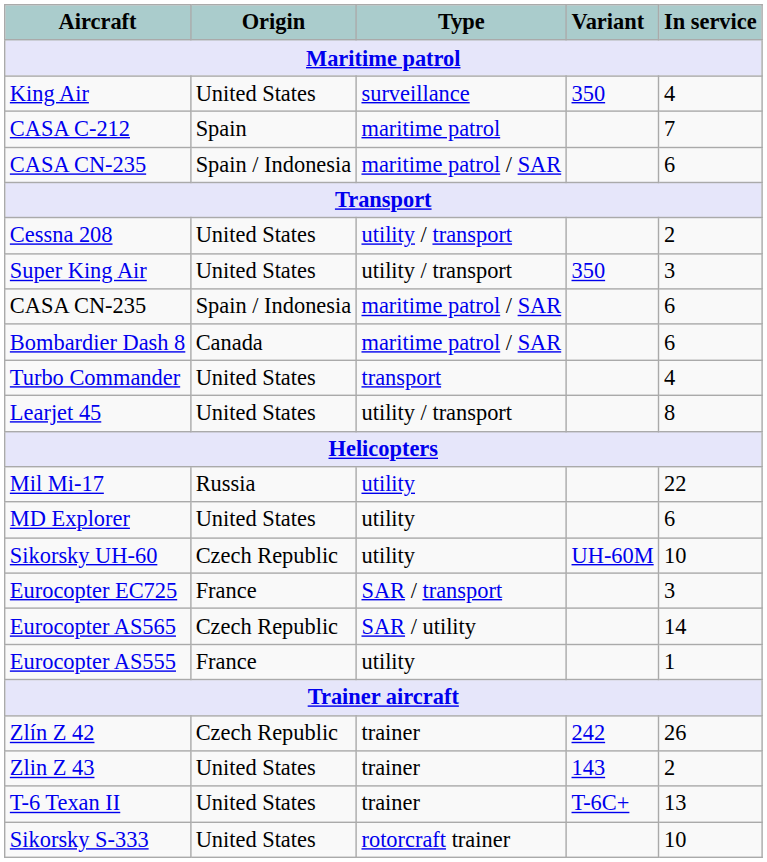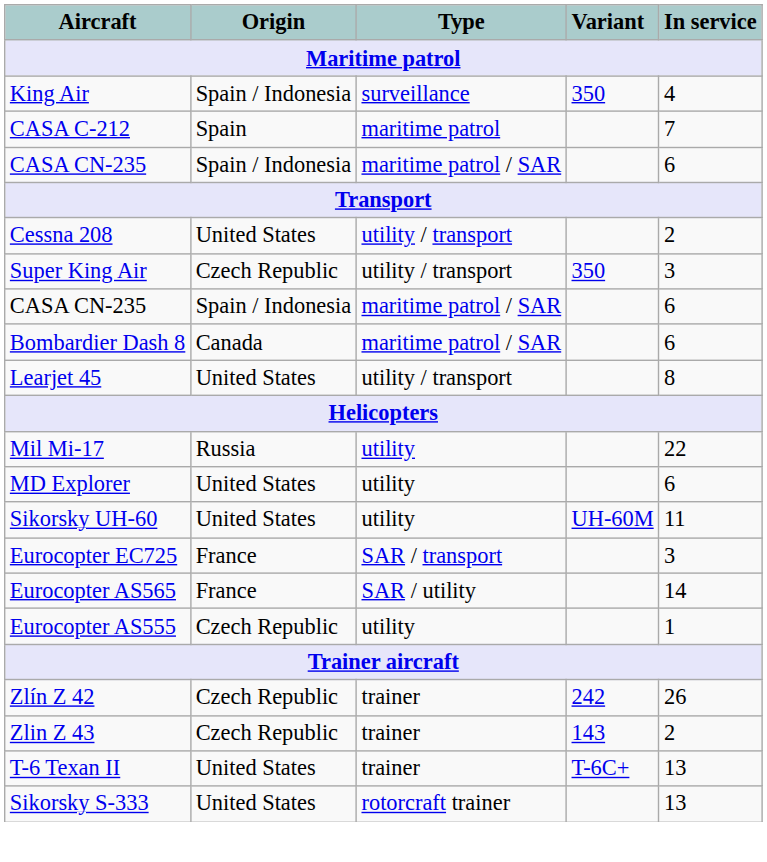 <table class="wikitable">
 <tr>
 <th style="text-align:center; background:#acc;">Aircraft</th>
 <th style="text-align: center; background:#acc;">Origin</th>
 <th style="text-align:l center; background:#acc;">Type</th>
 <th style="text-align:left; background:#acc;">Variant</th>
 <th style="text-align:center; background:#acc;">In service</th>
 </tr>
 <tr>
 <th colspan="5" style="align: center; background: lavender;"><a href='#'>Maritime patrol</a></th>
 </tr>
 <tr>
 <td><a href='#'>King Air</a></td>
-<td>United States</td>
+<td>Spain / Indonesia</td>
 <td><a href='#'>surveillance</a></td>
 <td><a href='#'>350</a></td>
 <td>4</td>
 </tr>
 <tr>
 <td><a href='#'>CASA C-212</a></td>
 <td>Spain</td>
 <td><a href='#'>maritime patrol</a></td>
 <td></td>
 <td>7</td>
 </tr>
 <tr>
 <td><a href='#'>CASA CN-235</a></td>
 <td>Spain / Indonesia</td>
 <td><a href='#'>maritime patrol</a> / <a href='#'>SAR</a></td>
 <td></td>
 <td>6</td>
 </tr>
 <tr>
 <th colspan="5" style="align: center; background: lavender;"><a href='#'>Transport</a></th>
 </tr>
 <tr>
 <td><a href='#'>Cessna 208</a></td>
 <td>United States</td>
 <td><a href='#'>utility</a> / <a href='#'>transport</a></td>
 <td></td>
 <td>2</td>
 </tr>
 <tr>
 <td><a href='#'>Super King Air</a></td>
-<td>United States</td>
+<td>Czech Republic</td>
 <td>utility / transport</td>
 <td><a href='#'>350</a></td>
 <td>3</td>
 </tr>
 <tr>
 <td>CASA CN-235</td>
 <td>Spain / Indonesia</td>
 <td><a href='#'>maritime patrol</a> / <a href='#'>SAR</a></td>
 <td></td>
 <td>6</td>
 </tr>
 <tr>
 <td><a href='#'>Bombardier Dash 8</a></td>
 <td>Canada</td>
 <td><a href='#'>maritime patrol</a> / <a href='#'>SAR</a></td>
 <td></td>
 <td>6</td>
-</tr>
-<tr>
-<td><a href='#'>Turbo Commander</a></td>
-<td>United States</td>
-<td><a href='#'>transport</a></td>
-<td></td>
-<td>4</td>
 </tr>
 <tr>
 <td><a href='#'>Learjet 45</a></td>
 <td>United States</td>
 <td>utility / transport</td>
 <td></td>
 <td>8</td>
 </tr>
 <tr>
 <th colspan="5" style="align: center; background: lavender;"><a href='#'>Helicopters</a></th>
 </tr>
 <tr>
 <td><a href='#'>Mil Mi-17</a></td>
 <td>Russia</td>
 <td><a href='#'>utility</a></td>
 <td></td>
 <td>22</td>
 </tr>
 <tr>
 <td><a href='#'>MD Explorer</a></td>
 <td>United States</td>
 <td>utility</td>
 <td></td>
 <td>6</td>
 </tr>
 <tr>
 <td><a href='#'>Sikorsky UH-60</a></td>
-<td>Czech Republic</td>
+<td>United States</td>
 <td>utility</td>
 <td><a href='#'>UH-60M</a></td>
-<td>10 </td>
+<td>11 </td>
 </tr>
 <tr>
 <td><a href='#'>Eurocopter EC725</a></td>
 <td>France</td>
 <td><a href='#'>SAR</a> / <a href='#'>transport</a></td>
 <td></td>
 <td>3</td>
 </tr>
 <tr>
 <td><a href='#'>Eurocopter AS565</a></td>
-<td>Czech Republic</td>
+<td>France</td>
 <td><a href='#'>SAR</a> / utility</td>
 <td></td>
 <td>14</td>
 </tr>
 <tr>
 <td><a href='#'>Eurocopter AS555</a></td>
-<td>France</td>
+<td>Czech Republic</td>
 <td>utility</td>
 <td></td>
 <td>1</td>
 </tr>
 <tr>
 <th colspan="5" style="align: center; background: lavender;"><a href='#'>Trainer aircraft</a></th>
 </tr>
 <tr>
 <td><a href='#'>Zlín Z 42</a></td>
 <td>Czech Republic</td>
 <td>trainer</td>
 <td><a href='#'>242</a></td>
 <td>26</td>
 </tr>
 <tr>
 <td><a href='#'>Zlin Z 43</a></td>
-<td>United States</td>
+<td>Czech Republic</td>
 <td>trainer</td>
 <td><a href='#'>143</a></td>
 <td>2</td>
 </tr>
 <tr>
 <td><a href='#'>T-6 Texan II</a></td>
 <td>United States</td>
 <td>trainer</td>
 <td><a href='#'>T-6C+</a></td>
 <td>13</td>
 </tr>
 <tr>
 <td><a href='#'>Sikorsky S-333</a></td>
 <td>United States</td>
 <td><a href='#'>rotorcraft</a> trainer</td>
 <td></td>
-<td>10</td>
+<td>13</td>
 </tr>
 </table>
